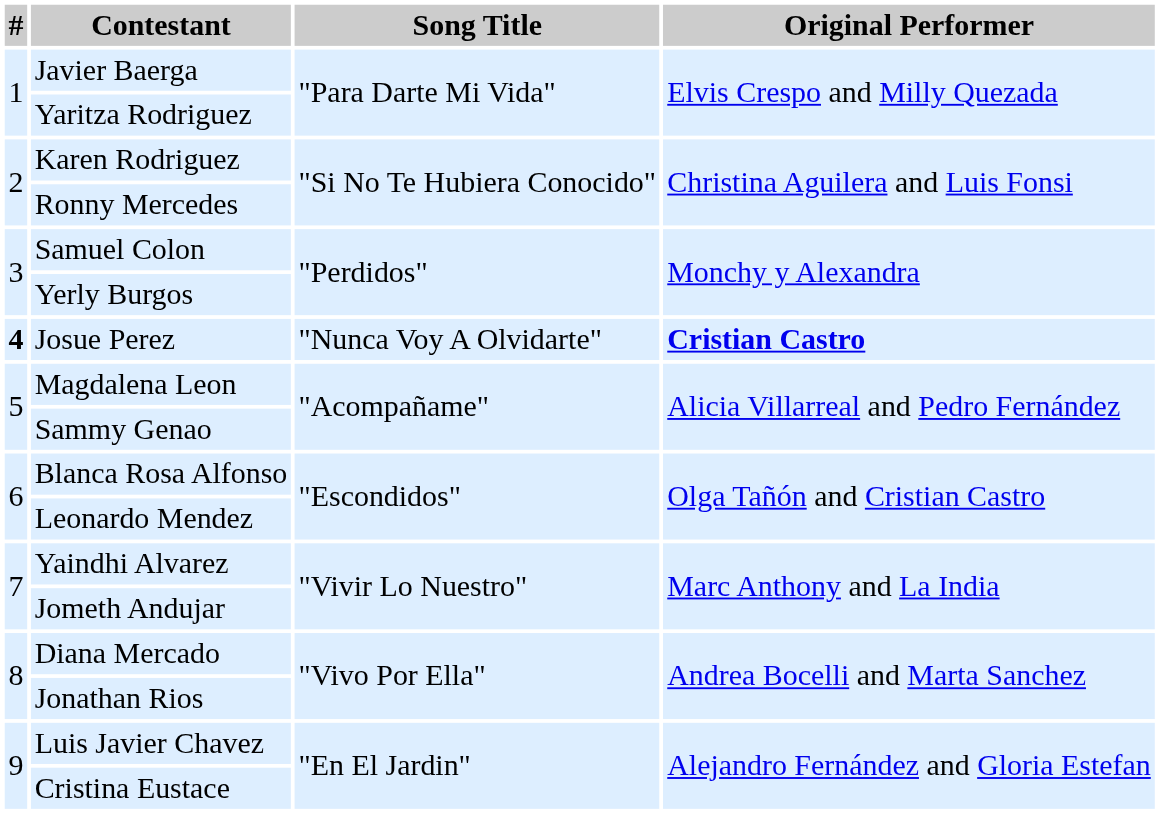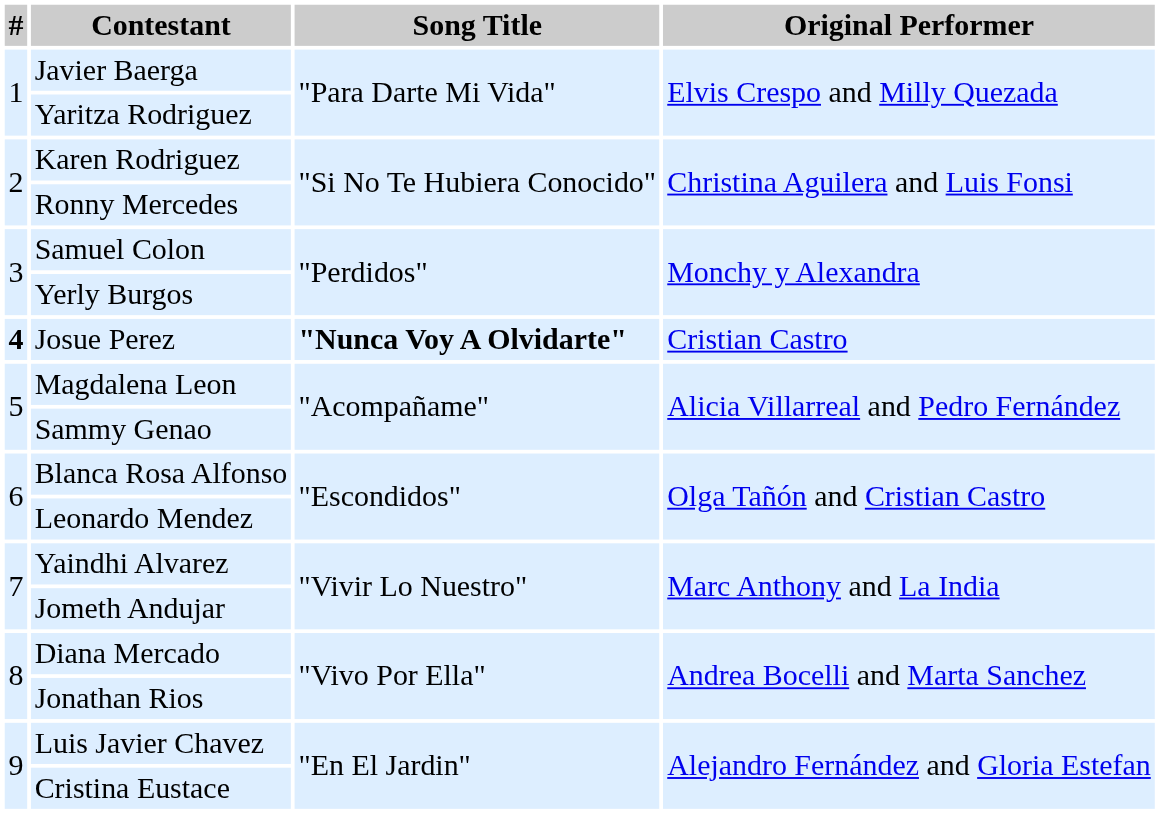 <table cellpadding=2 cellspacing=2>
 <tr bgcolor=#cccccc>
 <th>#</th>
 <th>Contestant</th>
 <th>Song Title</th>
 <th>Original Performer</th>
 </tr>
 <tr bgcolor=#DDEEFF>
 <td rowspan="2" align=center>1</td>
 <td>Javier Baerga</td>
 <td rowspan="2">"Para Darte Mi Vida"</td>
 <td rowspan="2"><a href='#'>Elvis Crespo</a> and <a href='#'>Milly Quezada</a></td>
 </tr>
 <tr bgcolor=#DDEEFF>
 <td>Yaritza Rodriguez</td>
 </tr>
 <tr bgcolor=#DDEEFF>
 <td rowspan="2" align=center>2</td>
 <td>Karen Rodriguez</td>
 <td rowspan="2">"Si No Te Hubiera Conocido"</td>
 <td rowspan="2"><a href='#'>Christina Aguilera</a> and <a href='#'>Luis Fonsi</a></td>
 </tr>
 <tr bgcolor=#DDEEFF>
 <td>Ronny Mercedes</td>
 </tr>
 <tr bgcolor=#DDEEFF>
 <td rowspan="2" align=center>3</td>
 <td>Samuel Colon</td>
 <td rowspan="2">"Perdidos"</td>
 <td rowspan="2"><a href='#'>Monchy y Alexandra</a></td>
 </tr>
 <tr bgcolor=#DDEEFF>
 <td>Yerly Burgos</td>
 </tr>
 <tr bgcolor=#DDEEFF>
 <td align=center><strong>4</strong></td>
 <td>Josue Perez</td>
-<td>"Nunca Voy A Olvidarte"</td>
-<td><strong><a href='#'>Cristian Castro</a></strong></td>
+<td><strong>"Nunca Voy A Olvidarte"</strong></td>
+<td><a href='#'>Cristian Castro</a></td>
 </tr>
 <tr bgcolor=#DDEEFF>
 <td rowspan="2" align=center>5</td>
 <td>Magdalena Leon</td>
 <td rowspan="2">"Acompañame"</td>
 <td rowspan="2"><a href='#'>Alicia Villarreal</a> and <a href='#'>Pedro Fernández</a></td>
 </tr>
 <tr bgcolor=#DDEEFF>
 <td>Sammy Genao</td>
 </tr>
 <tr bgcolor=#DDEEFF>
 <td rowspan="2" align=center>6</td>
 <td>Blanca Rosa Alfonso</td>
 <td rowspan="2">"Escondidos"</td>
 <td rowspan="2"><a href='#'>Olga Tañón</a> and <a href='#'>Cristian Castro</a></td>
 </tr>
 <tr bgcolor=#DDEEFF>
 <td>Leonardo Mendez</td>
 </tr>
 <tr bgcolor=#DDEEFF>
 <td rowspan="2" align=center>7</td>
 <td>Yaindhi Alvarez</td>
 <td rowspan="2">"Vivir Lo Nuestro"</td>
 <td rowspan="2"><a href='#'>Marc Anthony</a> and <a href='#'>La India</a></td>
 </tr>
 <tr bgcolor=#DDEEFF>
 <td>Jometh Andujar</td>
 </tr>
 <tr bgcolor=#DDEEFF>
 <td rowspan="2" align=center>8</td>
 <td>Diana Mercado</td>
 <td rowspan="2">"Vivo Por Ella"</td>
 <td rowspan="2"><a href='#'>Andrea Bocelli</a> and <a href='#'>Marta Sanchez</a></td>
 </tr>
 <tr bgcolor=#DDEEFF>
 <td>Jonathan Rios</td>
 </tr>
 <tr bgcolor=#DDEEFF>
 <td rowspan="2" align=center>9</td>
 <td>Luis Javier Chavez</td>
 <td rowspan="2">"En El Jardin"</td>
 <td rowspan="2"><a href='#'>Alejandro Fernández</a> and <a href='#'>Gloria Estefan</a></td>
 </tr>
 <tr bgcolor=#DDEEFF>
 <td>Cristina Eustace</td>
 </tr>
 <tr bgcolor=#DDEEFF>
 </tr>
 </table>
